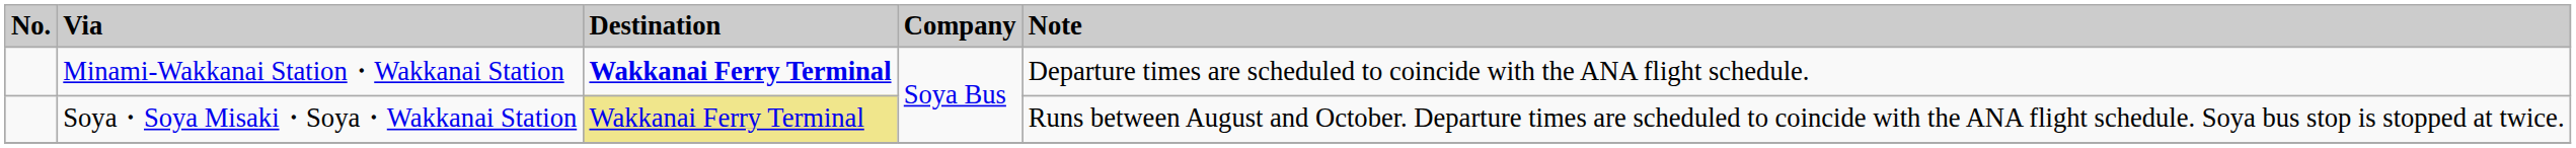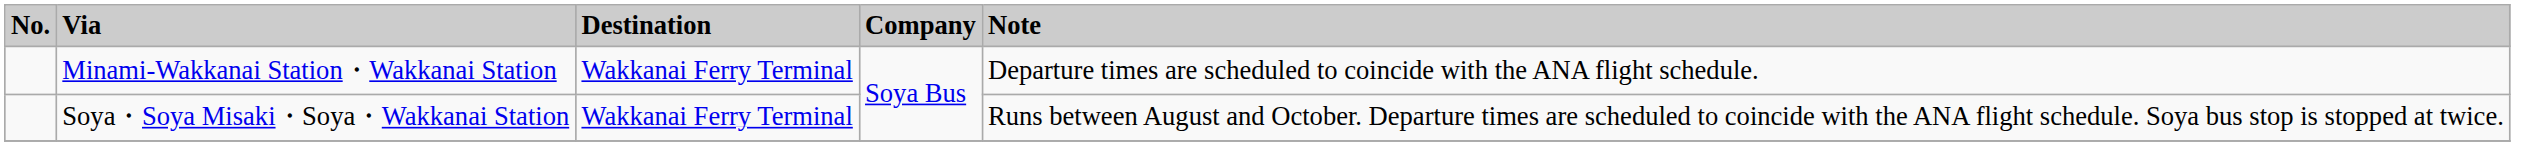 <table class="wikitable">
 <tr>
 <td bgcolor="#cccccc"; style="font-weight: bold;">No.</td>
 <td bgcolor="#cccccc"; style="font-weight: bold;">Via</td>
 <td bgcolor="#cccccc"; style="font-weight: bold;">Destination</td>
 <td bgcolor="#cccccc"; style="font-weight: bold;">Company</td>
 <td bgcolor="#cccccc"; style="font-weight: bold;">Note</td>
 </tr>
 <tr>
 <td></td>
 <td><a href='#'>Minami-Wakkanai Station</a>・<a href='#'>Wakkanai Station</a></td>
-<td><strong><a href='#'>Wakkanai Ferry Terminal</a></strong></td>
+<td><a href='#'>Wakkanai Ferry Terminal</a></td>
 <td rowspan="2"><a href='#'>Soya Bus</a></td>
 <td>Departure times are scheduled to coincide with the ANA flight schedule.</td>
 </tr>
 <tr>
 <td></td>
 <td>Soya・<a href='#'>Soya Misaki</a>・Soya・<a href='#'>Wakkanai Station</a></td>
-<td style="background: khaki;"><a href='#'>Wakkanai Ferry Terminal</a></td>
+<td><a href='#'>Wakkanai Ferry Terminal</a></td>
 <td>Runs between August and October. Departure times are scheduled to coincide with the ANA flight schedule.  Soya bus stop is stopped at twice.</td>
 </tr>
 <tr>
 </tr>
 </table>
